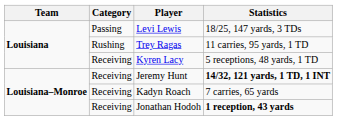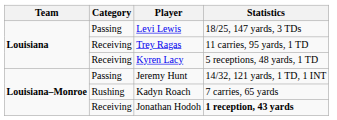 <table class="wikitable" style="float: left;">
 <tr>
 <th>Team</th>
 <th>Category</th>
 <th>Player</th>
 <th>Statistics</th>
 </tr>
 <tr>
 <td rowspan=3><strong>Louisiana</strong></td>
 <td>Passing</td>
 <td><a href='#'>Levi Lewis</a></td>
 <td>18/25, 147 yards, 3 TDs</td>
 </tr>
 <tr>
-<td>Rushing</td>
+<td>Receiving</td>
 <td><a href='#'>Trey Ragas</a></td>
 <td>11 carries, 95 yards, 1 TD</td>
 </tr>
 <tr>
 <td>Receiving</td>
 <td><a href='#'>Kyren Lacy</a></td>
 <td>5 receptions, 48 yards, 1 TD</td>
 </tr>
 <tr>
 <td rowspan=3><strong>Louisiana–Monroe</strong></td>
-<td>Receiving</td>
+<td>Passing</td>
 <td>Jeremy Hunt</td>
-<td><strong>14/32, 121 yards, 1 TD, 1 INT</strong></td>
+<td>14/32, 121 yards, 1 TD, 1 INT</td>
 </tr>
 <tr>
-<td>Receiving</td>
+<td>Rushing</td>
 <td>Kadyn Roach</td>
 <td>7 carries, 65 yards</td>
 </tr>
 <tr>
 <td>Receiving</td>
 <td>Jonathan Hodoh</td>
 <td><strong>1 reception, 43 yards</strong></td>
 </tr>
 </table>
